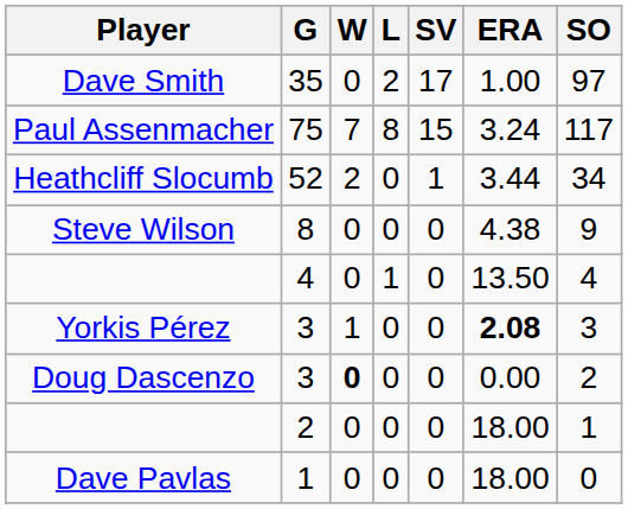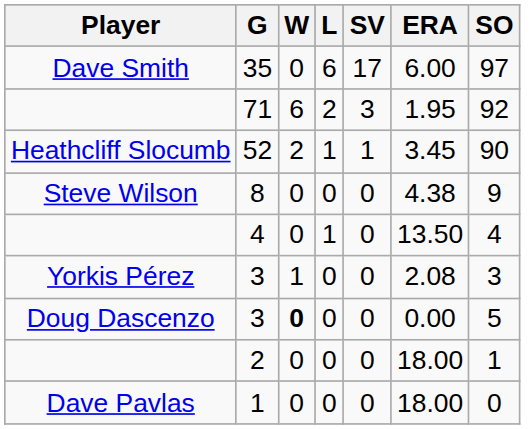 <table class="wikitable sortable" style="text-align:center">
 <tr>
 <th>Player</th>
 <th>G</th>
 <th>W</th>
 <th>L</th>
 <th>SV</th>
 <th>ERA</th>
 <th>SO</th>
 </tr>
 <tr>
 <td><a href='#'>Dave Smith</a></td>
 <td>35</td>
 <td>0</td>
-<td>2</td>
+<td>6</td>
 <td>17</td>
-<td>1.00</td>
+<td>6.00</td>
 <td>97</td>
 </tr>
 <tr>
-<td><a href='#'>Paul Assenmacher</a></td>
-<td>75</td>
-<td>7</td>
-<td>8</td>
-<td>15</td>
-<td>3.24</td>
-<td>117</td>
+<td></td>
+<td>71</td>
+<td>6</td>
+<td>2</td>
+<td>3</td>
+<td>1.95</td>
+<td>92</td>
 </tr>
 <tr>
 <td><a href='#'>Heathcliff Slocumb</a></td>
 <td>52</td>
 <td>2</td>
-<td>0</td>
 <td>1</td>
-<td>3.44</td>
-<td>34</td>
+<td>1</td>
+<td>3.45</td>
+<td>90</td>
 </tr>
 <tr>
 <td><a href='#'>Steve Wilson</a></td>
 <td>8</td>
 <td>0</td>
 <td>0</td>
 <td>0</td>
 <td>4.38</td>
 <td>9</td>
 </tr>
 <tr>
 <td></td>
 <td>4</td>
 <td>0</td>
 <td>1</td>
 <td>0</td>
 <td>13.50</td>
 <td>4</td>
 </tr>
 <tr>
 <td><a href='#'>Yorkis Pérez</a></td>
 <td>3</td>
 <td>1</td>
 <td>0</td>
 <td>0</td>
-<td><strong>2.08</strong></td>
+<td>2.08</td>
 <td>3</td>
 </tr>
 <tr>
 <td><a href='#'>Doug Dascenzo</a></td>
 <td>3</td>
 <td><strong>0</strong></td>
 <td>0</td>
 <td>0</td>
 <td>0.00</td>
-<td>2</td>
+<td>5</td>
 </tr>
 <tr>
 <td></td>
 <td>2</td>
 <td>0</td>
 <td>0</td>
 <td>0</td>
 <td>18.00</td>
 <td>1</td>
 </tr>
 <tr>
 <td><a href='#'>Dave Pavlas</a></td>
 <td>1</td>
 <td>0</td>
 <td>0</td>
 <td>0</td>
 <td>18.00</td>
 <td>0</td>
 </tr>
 </table>
